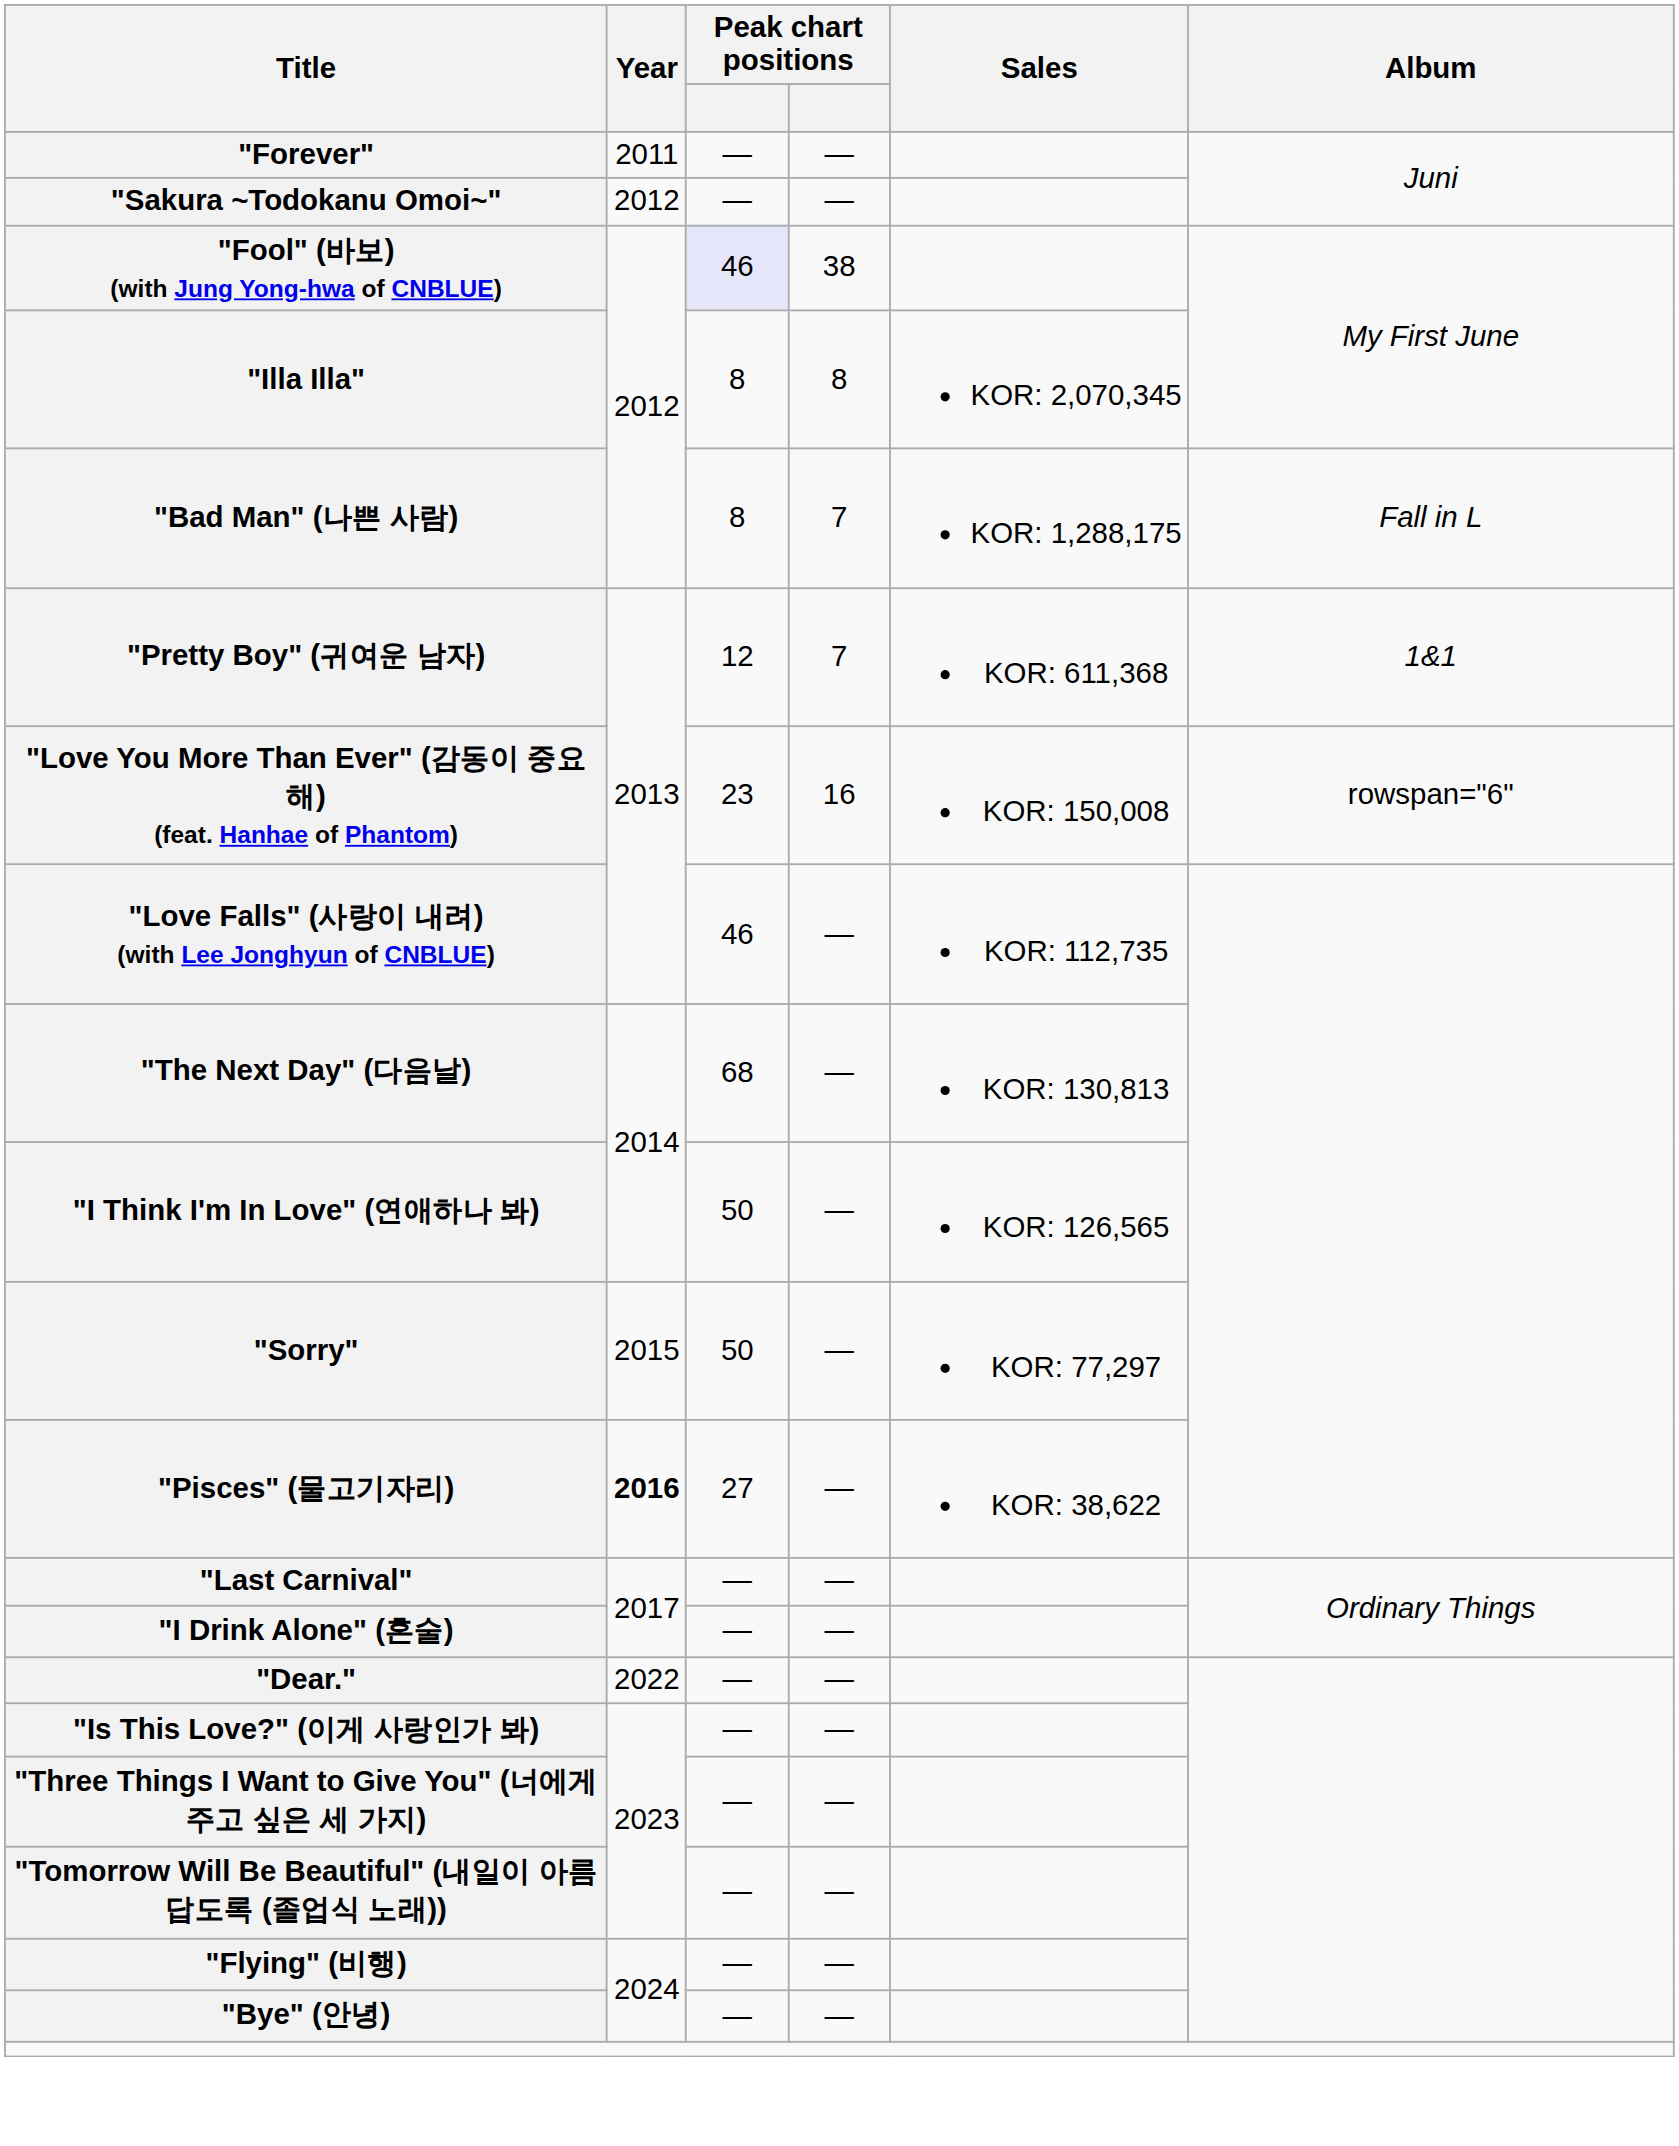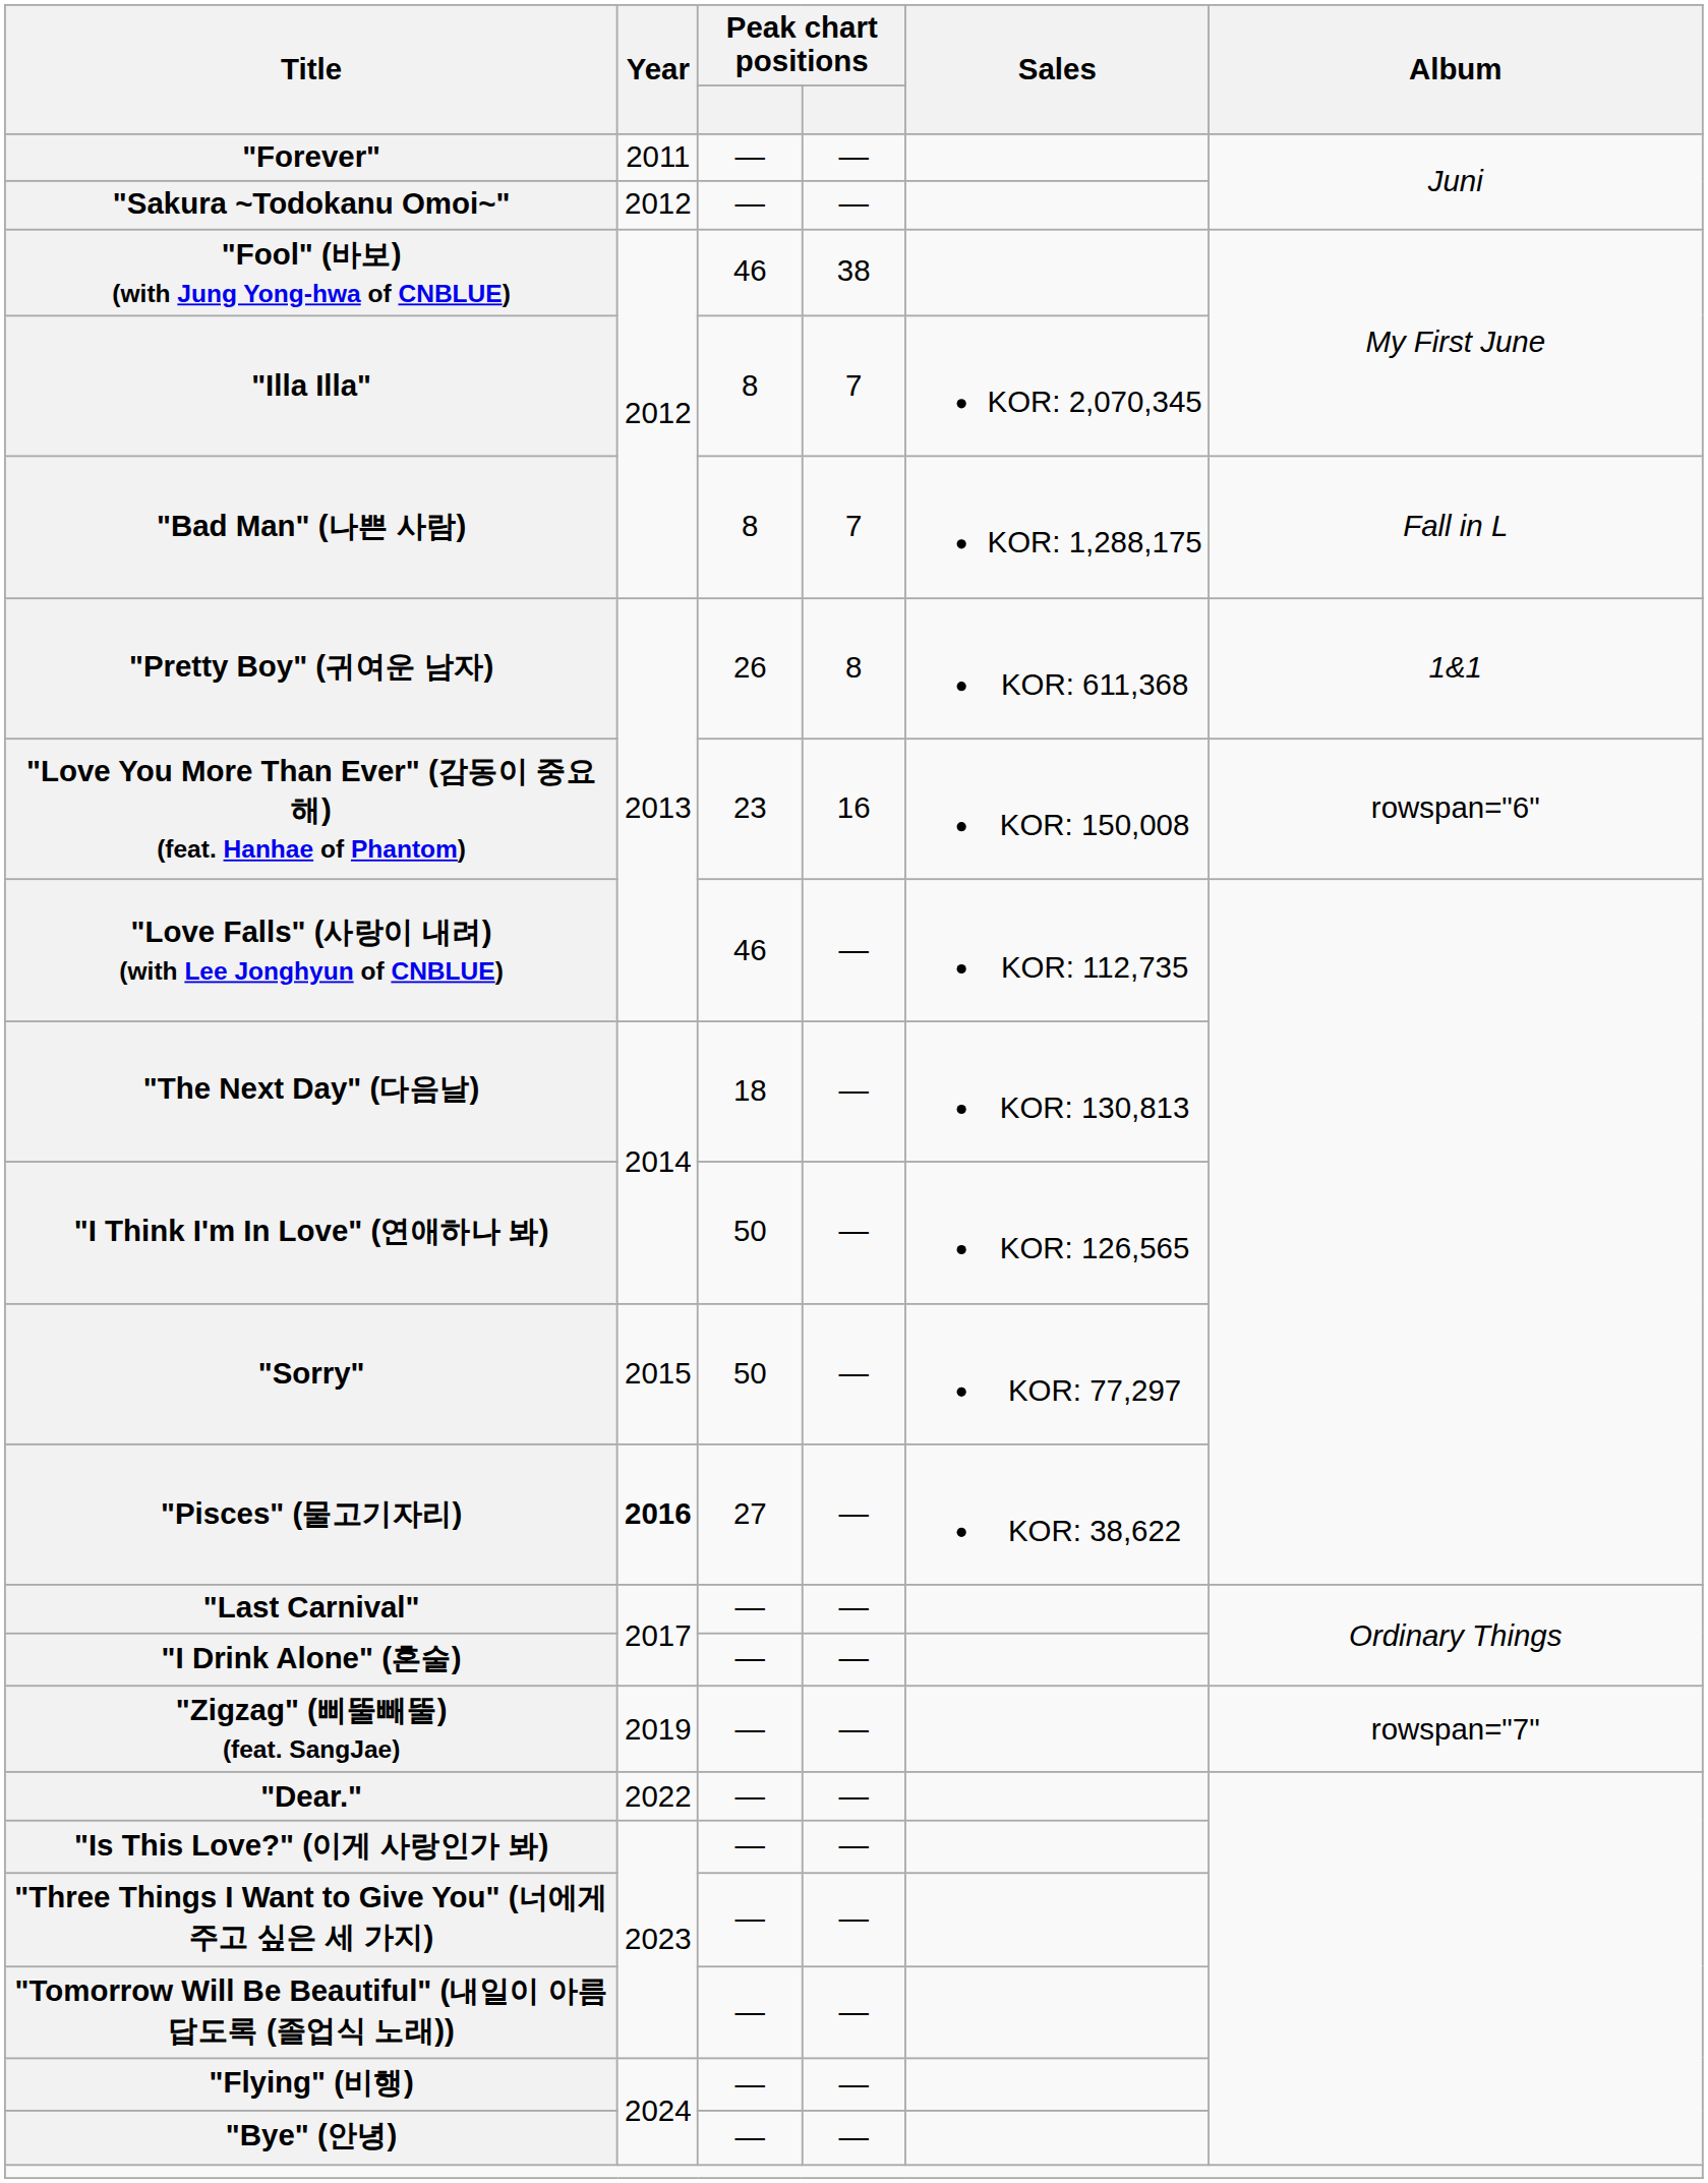 <table class="wikitable plainrowheaders" style="text-align:center;">
 <tr>
 <th scope="col" rowspan="2" style="width:20em;">Title</th>
 <th scope="col" rowspan="2">Year</th>
 <th colspan="2">Peak chart positions</th>
 <th scope="col" rowspan="2">Sales</th>
 <th scope="col" rowspan="2" style="width:16em;">Album</th>
 </tr>
 <tr>
 <th style="width:3em"><br></th>
 <th style="width:3em"><br></th>
 </tr>
 <tr>
 <th scope="row">"Forever"</th>
 <td>2011</td>
 <td>—</td>
 <td>—</td>
 <td></td>
 <td rowspan="2"><em>Juni</em></td>
 </tr>
 <tr>
 <th scope="row">"Sakura ~Todokanu Omoi~"</th>
 <td>2012</td>
 <td>—</td>
 <td>—</td>
 <td></td>
 </tr>
 <tr>
 <th scope="row">"Fool" (바보)<br><small>(with <a href='#'>Jung Yong-hwa</a> of <a href='#'>CNBLUE</a>)</small></th>
 <td rowspan="3">2012</td>
-<td style="background: lavender;">46</td>
+<td>46</td>
 <td>38</td>
 <td></td>
 <td rowspan="2"><em>My First June</em></td>
 </tr>
 <tr>
 <th scope="row">"Illa Illa"</th>
 <td>8</td>
-<td>8</td>
+<td>7</td>
 <td><br><ul><li>KOR: 2,070,345</li></ul></td>
 </tr>
 <tr>
 <th scope="row">"Bad Man" (나쁜 사람)</th>
 <td>8</td>
 <td>7</td>
 <td><br><ul><li>KOR: 1,288,175</li></ul></td>
 <td><em>Fall in L</em></td>
 </tr>
 <tr>
 <th scope="row">"Pretty Boy" (귀여운 남자)</th>
 <td rowspan="3">2013</td>
-<td>12</td>
-<td>7</td>
+<td>26</td>
+<td>8</td>
 <td><br><ul><li>KOR: 611,368</li></ul></td>
 <td><em>1&1</em></td>
 </tr>
 <tr>
 <th scope="row">"Love You More Than Ever" (감동이 중요해)<br><small>(feat. <a href='#'>Hanhae</a> of <a href='#'>Phantom</a>)</small></th>
 <td>23</td>
 <td>16</td>
 <td><br><ul><li>KOR: 150,008</li></ul></td>
 <td>rowspan="6" </td>
 </tr>
 <tr>
 <th scope="row">"Love Falls" (사랑이 내려)<br><small>(with <a href='#'>Lee Jonghyun</a> of <a href='#'>CNBLUE</a>)</small></th>
 <td>46</td>
 <td>—</td>
 <td><br><ul><li>KOR: 112,735</li></ul></td>
 </tr>
 <tr>
 <th scope="row">"The Next Day" (다음날)</th>
 <td rowspan="2">2014</td>
-<td>68</td>
+<td>18</td>
 <td>—</td>
 <td><br><ul><li>KOR: 130,813</li></ul></td>
 </tr>
 <tr>
 <th scope="row">"I Think I'm In Love" (연애하나 봐)</th>
 <td>50</td>
 <td>—</td>
 <td><br><ul><li>KOR: 126,565</li></ul></td>
 </tr>
 <tr>
 <th scope="row">"Sorry"</th>
 <td>2015</td>
 <td>50</td>
 <td>—</td>
 <td><br><ul><li>KOR: 77,297</li></ul></td>
 </tr>
 <tr>
 <th scope="row">"Pisces" (물고기자리)</th>
 <td><strong>2016</strong></td>
 <td>27</td>
 <td>—</td>
 <td><br><ul><li>KOR: 38,622</li></ul></td>
 </tr>
 <tr>
 <th scope="row">"Last Carnival"</th>
 <td rowspan="2">2017</td>
 <td>—</td>
 <td>—</td>
 <td></td>
 <td rowspan="2"><em>Ordinary Things</em></td>
 </tr>
 <tr>
 <th scope="row">"I Drink Alone" (혼술)</th>
 <td>—</td>
 <td>—</td>
 <td></td>
+</tr>
+<tr>
+<th scope="row">"Zigzag" (삐뚤빼뚤)<br><small>(feat. SangJae)</small></th>
+<td>2019</td>
+<td>—</td>
+<td>—</td>
+<td></td>
+<td>rowspan="7" </td>
 </tr>
 <tr>
 <th scope="row">"Dear."</th>
 <td>2022</td>
 <td>—</td>
 <td>—</td>
 <td></td>
 </tr>
 <tr>
 <th scope="row">"Is This Love?" (이게 사랑인가 봐)</th>
 <td rowspan="3">2023</td>
 <td>—</td>
 <td>—</td>
 <td></td>
 </tr>
 <tr>
 <th scope="row">"Three Things I Want to Give You" (너에게 주고 싶은 세 가지)</th>
 <td>—</td>
 <td>—</td>
 <td></td>
 </tr>
 <tr>
 <th scope="row">"Tomorrow Will Be Beautiful" (내일이 아름답도록 (졸업식 노래))</th>
 <td>—</td>
 <td>—</td>
 <td></td>
 </tr>
 <tr>
 <th scope="row">"Flying" (비행)</th>
 <td rowspan="2">2024</td>
 <td>—</td>
 <td>—</td>
 <td></td>
 </tr>
 <tr>
 <th scope="row">"Bye" (안녕)</th>
 <td>—</td>
 <td>—</td>
 <td></td>
 </tr>
 <tr>
 <td colspan="6"></td>
 </tr>
 </table>
